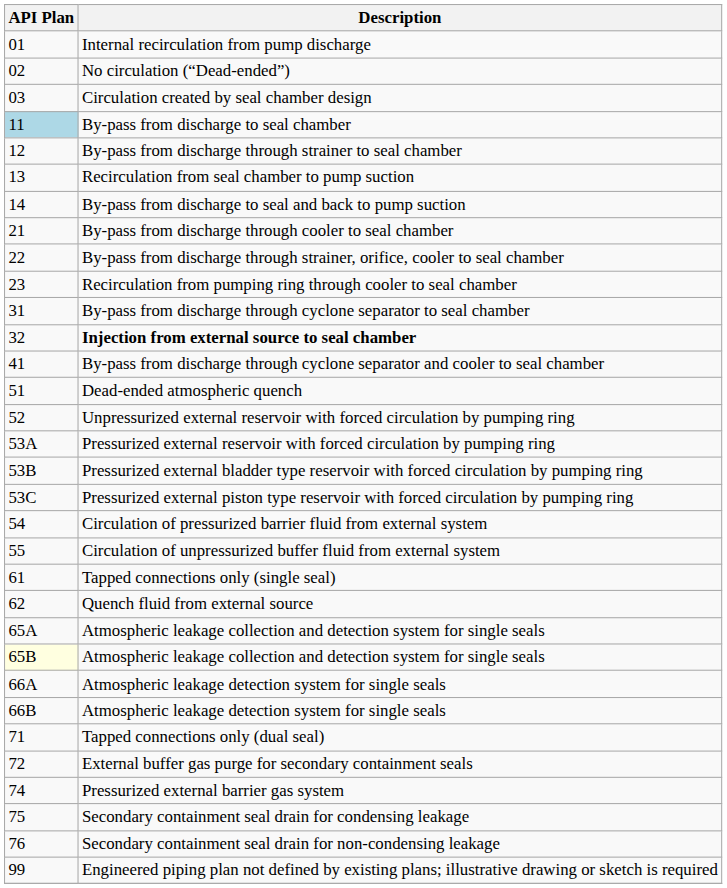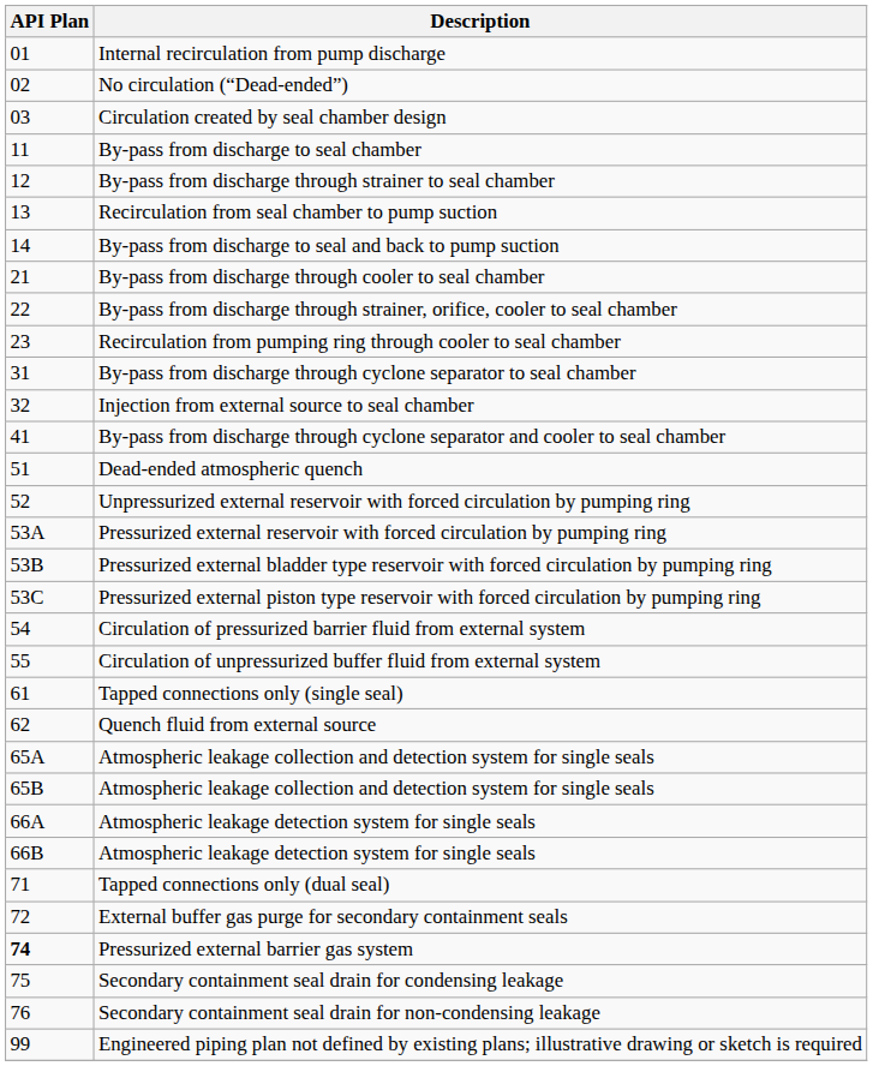 <table class="wikitable">
 <tr>
 <th>API Plan</th>
 <th>Description</th>
 </tr>
 <tr>
 <td>01</td>
 <td>Internal recirculation from pump discharge</td>
 </tr>
 <tr>
 <td>02</td>
 <td>No circulation (“Dead-ended”)</td>
 </tr>
 <tr>
 <td>03</td>
 <td>Circulation created by seal chamber design</td>
 </tr>
 <tr>
-<td style="background: lightblue;">11</td>
+<td>11</td>
 <td>By-pass from discharge to seal chamber</td>
 </tr>
 <tr>
 <td>12</td>
 <td>By-pass from discharge through strainer to seal chamber</td>
 </tr>
 <tr>
 <td>13</td>
 <td>Recirculation from seal chamber to pump suction</td>
 </tr>
 <tr>
 <td>14</td>
 <td>By-pass from discharge to seal and back to pump suction</td>
 </tr>
 <tr>
 <td>21</td>
 <td>By-pass from discharge through cooler to seal chamber</td>
 </tr>
 <tr>
 <td>22</td>
 <td>By-pass from discharge through strainer, orifice, cooler to seal chamber</td>
 </tr>
 <tr>
 <td>23</td>
 <td>Recirculation from pumping ring through cooler to seal chamber</td>
 </tr>
 <tr>
 <td>31</td>
 <td>By-pass from discharge through cyclone separator to seal chamber</td>
 </tr>
 <tr>
 <td>32</td>
-<td><strong>Injection from external source to seal chamber</strong></td>
+<td>Injection from external source to seal chamber</td>
 </tr>
 <tr>
 <td>41</td>
 <td>By-pass from discharge through cyclone separator and cooler to seal chamber</td>
 </tr>
 <tr>
 <td>51</td>
 <td>Dead-ended atmospheric quench</td>
 </tr>
 <tr>
 <td>52</td>
 <td>Unpressurized external reservoir with forced circulation by pumping ring</td>
 </tr>
 <tr>
 <td>53A</td>
 <td>Pressurized external reservoir with forced circulation by pumping ring</td>
 </tr>
 <tr>
 <td>53B</td>
 <td>Pressurized external bladder type reservoir with forced circulation by pumping ring</td>
 </tr>
 <tr>
 <td>53C</td>
 <td>Pressurized external piston type reservoir with forced circulation by pumping ring</td>
 </tr>
 <tr>
 <td>54</td>
 <td>Circulation of pressurized barrier fluid from external system</td>
 </tr>
 <tr>
 <td>55</td>
 <td>Circulation of unpressurized buffer fluid from external system</td>
 </tr>
 <tr>
 <td>61</td>
 <td>Tapped connections only (single seal)</td>
 </tr>
 <tr>
 <td>62</td>
 <td>Quench fluid from external source</td>
 </tr>
 <tr>
 <td>65A</td>
 <td>Atmospheric leakage collection and detection system for single seals</td>
 </tr>
 <tr>
-<td style="background: lightyellow;">65B</td>
+<td>65B</td>
 <td>Atmospheric leakage collection and detection system for single seals</td>
 </tr>
 <tr>
 <td>66A</td>
 <td>Atmospheric leakage detection system for single seals</td>
 </tr>
 <tr>
 <td>66B</td>
 <td>Atmospheric leakage detection system for single seals</td>
 </tr>
 <tr>
 <td>71</td>
 <td>Tapped connections only (dual seal)</td>
 </tr>
 <tr>
 <td>72</td>
 <td>External buffer gas purge for secondary containment seals</td>
 </tr>
 <tr>
-<td>74</td>
+<td><strong>74</strong></td>
 <td>Pressurized external barrier gas system</td>
 </tr>
 <tr>
 <td>75</td>
 <td>Secondary containment seal drain for condensing leakage</td>
 </tr>
 <tr>
 <td>76</td>
 <td>Secondary containment seal drain for non-condensing leakage</td>
 </tr>
 <tr>
 <td>99</td>
 <td>Engineered piping plan not defined by existing plans; illustrative drawing or sketch is required</td>
 </tr>
 <tr>
 </tr>
 </table>
